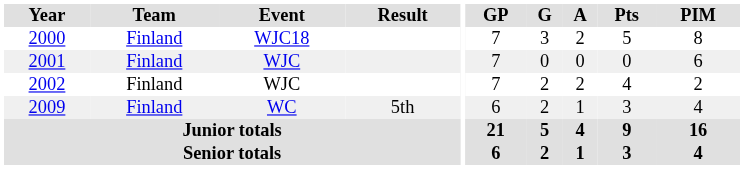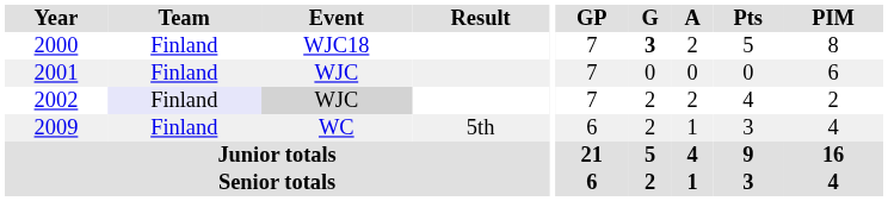 <table border="0" cellpadding="1" cellspacing="0" ID="Table3" style="text-align:center; width:40em">
 <tr ALIGN="center" bgcolor="#e0e0e0">
 <th>Year</th>
 <th>Team</th>
 <th>Event</th>
 <th>Result</th>
 <th rowspan="99" bgcolor="#ffffff"></th>
 <th>GP</th>
 <th>G</th>
 <th>A</th>
 <th>Pts</th>
 <th>PIM</th>
 </tr>
 <tr>
 <td><a href='#'>2000</a></td>
 <td><a href='#'>Finland</a></td>
 <td><a href='#'>WJC18</a></td>
 <td></td>
 <td>7</td>
-<td>3</td>
+<td><strong>3</strong></td>
 <td>2</td>
 <td>5</td>
 <td>8</td>
 </tr>
 <tr bgcolor="#f0f0f0">
 <td><a href='#'>2001</a></td>
 <td><a href='#'>Finland</a></td>
 <td><a href='#'>WJC</a></td>
 <td></td>
 <td>7</td>
 <td>0</td>
 <td>0</td>
 <td>0</td>
 <td>6</td>
 </tr>
 <tr>
 <td><a href='#'>2002</a></td>
-<td>Finland</td>
-<td>WJC</td>
+<td style="background: lavender;">Finland</td>
+<td style="background: lightgrey;">WJC</td>
 <td></td>
 <td>7</td>
 <td>2</td>
 <td>2</td>
 <td>4</td>
 <td>2</td>
 </tr>
 <tr bgcolor="#f0f0f0">
 <td><a href='#'>2009</a></td>
 <td><a href='#'>Finland</a></td>
 <td><a href='#'>WC</a></td>
 <td>5th</td>
 <td>6</td>
 <td>2</td>
 <td>1</td>
 <td>3</td>
 <td>4</td>
 </tr>
 <tr bgcolor="#e0e0e0">
 <th colspan="4">Junior totals</th>
 <th>21</th>
 <th>5</th>
 <th>4</th>
 <th>9</th>
 <th>16</th>
 </tr>
 <tr bgcolor="#e0e0e0">
 <th colspan="4">Senior totals</th>
 <th>6</th>
 <th>2</th>
 <th>1</th>
 <th>3</th>
 <th>4</th>
 </tr>
 </table>
